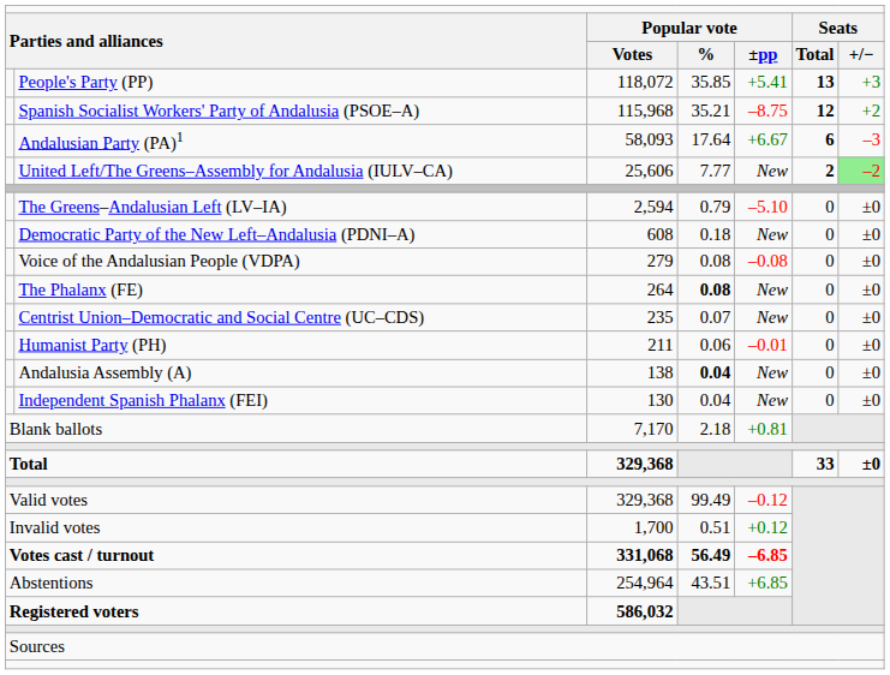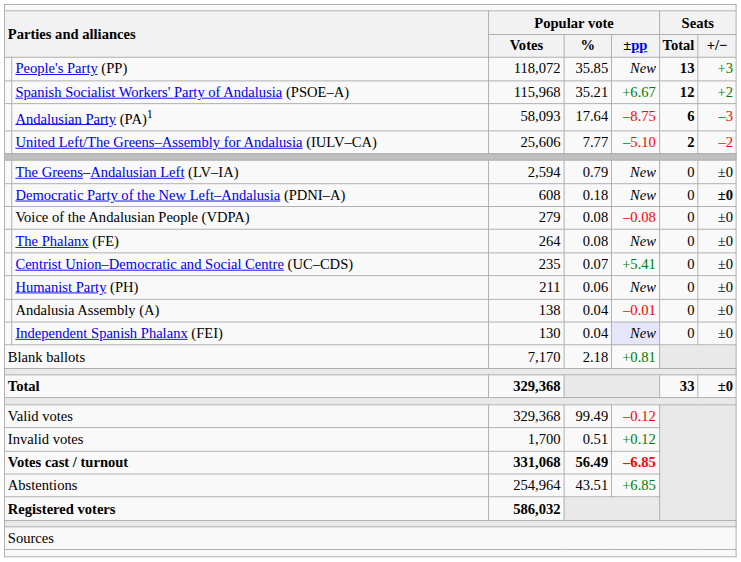 <table class="wikitable" style="text-align:right;">
 <tr>
 <td colspan="7"></td>
 </tr>
 <tr>
 <th style="text-align:left;" rowspan="2" colspan="2" width="525">Parties and alliances</th>
 <th colspan="3">Popular vote</th>
 <th colspan="2">Seats</th>
 </tr>
 <tr>
 <th width="75">Votes</th>
 <th width="45">%</th>
 <th width="45">±<a href='#'>pp</a></th>
 <th width="35">Total</th>
 <th width="35">+/−</th>
 </tr>
 <tr>
 <td width="1" style="color:inherit;background:"></td>
 <td align="left"><a href='#'>People's Party</a> (PP)</td>
 <td>118,072</td>
 <td>35.85</td>
-<td style="color:green;">+5.41</td>
+<td><em>New</em></td>
 <td><strong>13</strong></td>
 <td style="color:green;">+3</td>
 </tr>
 <tr>
 <td style="color:inherit;background:"></td>
 <td align="left"><a href='#'>Spanish Socialist Workers' Party of Andalusia</a> (PSOE–A)</td>
 <td>115,968</td>
 <td>35.21</td>
-<td style="color:red;">–8.75</td>
+<td style="color:green;">+6.67</td>
 <td><strong>12</strong></td>
 <td style="color:green;">+2</td>
 </tr>
 <tr>
 <td style="color:inherit;background:"></td>
 <td align="left"><a href='#'>Andalusian Party</a> (PA)<sup>1</sup></td>
 <td>58,093</td>
 <td>17.64</td>
-<td style="color:green;">+6.67</td>
+<td style="color:red;">–8.75</td>
 <td><strong>6</strong></td>
 <td style="color:red;">–3</td>
 </tr>
 <tr>
 <td style="color:inherit;background:"></td>
 <td align="left"><a href='#'>United Left/The Greens–Assembly for Andalusia</a> (IULV–CA)</td>
 <td>25,606</td>
 <td>7.77</td>
-<td><em>New</em></td>
+<td style="color:red;">–5.10</td>
 <td><strong>2</strong></td>
-<td style="background: lightgreen; color:red;">–2</td>
+<td style="color:red;">–2</td>
 </tr>
 <tr>
 <td colspan="7" bgcolor="#C0C0C0"></td>
 </tr>
 <tr>
 <td style="color:inherit;background:"></td>
 <td align="left"><a href='#'>The Greens</a>–<a href='#'>Andalusian Left</a> (LV–IA)</td>
 <td>2,594</td>
 <td>0.79</td>
-<td style="color:red;">–5.10</td>
+<td><em>New</em></td>
 <td>0</td>
 <td>±0</td>
 </tr>
 <tr>
 <td style="color:inherit;background:"></td>
 <td align="left"><a href='#'>Democratic Party of the New Left–Andalusia</a> (PDNI–A)</td>
 <td>608</td>
 <td>0.18</td>
 <td><em>New</em></td>
 <td>0</td>
-<td>±0</td>
+<td><strong>±0</strong></td>
 </tr>
 <tr>
 <td style="color:inherit;background:"></td>
 <td align="left">Voice of the Andalusian People (VDPA)</td>
 <td>279</td>
 <td>0.08</td>
 <td style="color:red;">–0.08</td>
 <td>0</td>
 <td>±0</td>
 </tr>
 <tr>
 <td style="color:inherit;background:"></td>
 <td align="left"><a href='#'>The Phalanx</a> (FE)</td>
 <td>264</td>
-<td><strong>0.08</strong></td>
+<td>0.08</td>
 <td><em>New</em></td>
 <td>0</td>
 <td>±0</td>
 </tr>
 <tr>
 <td style="color:inherit;background:"></td>
 <td align="left"><a href='#'>Centrist Union–Democratic and Social Centre</a> (UC–CDS)</td>
 <td>235</td>
 <td>0.07</td>
-<td><em>New</em></td>
+<td style="color:green;">+5.41</td>
 <td>0</td>
 <td>±0</td>
 </tr>
 <tr>
 <td style="color:inherit;background:"></td>
 <td align="left"><a href='#'>Humanist Party</a> (PH)</td>
 <td>211</td>
 <td>0.06</td>
-<td style="color:red;">–0.01</td>
+<td><em>New</em></td>
 <td>0</td>
 <td>±0</td>
 </tr>
 <tr>
 <td style="color:inherit;background:"></td>
 <td align="left">Andalusia Assembly (A)</td>
 <td>138</td>
-<td><strong>0.04</strong></td>
-<td><em>New</em></td>
+<td>0.04</td>
+<td style="color:red;">–0.01</td>
 <td>0</td>
 <td>±0</td>
 </tr>
 <tr>
 <td style="color:inherit;background:"></td>
 <td align="left"><a href='#'>Independent Spanish Phalanx</a> (FEI)</td>
 <td>130</td>
 <td>0.04</td>
-<td><em>New</em></td>
+<td style="background: lavender;"><em>New</em></td>
 <td>0</td>
 <td>±0</td>
 </tr>
 <tr>
 <td align="left" colspan="2">Blank ballots</td>
 <td>7,170</td>
 <td>2.18</td>
 <td style="color:green;">+0.81</td>
 <td bgcolor="#E9E9E9" colspan="2"></td>
 </tr>
 <tr>
 <td colspan="7" bgcolor="#E9E9E9"></td>
 </tr>
 <tr style="font-weight:bold;">
 <td align="left" colspan="2">Total</td>
 <td>329,368</td>
 <td bgcolor="#E9E9E9" colspan="2"></td>
 <td>33</td>
 <td>±0</td>
 </tr>
 <tr>
 <td colspan="7" bgcolor="#E9E9E9"></td>
 </tr>
 <tr>
 <td align="left" colspan="2">Valid votes</td>
 <td>329,368</td>
 <td>99.49</td>
 <td style="color:red;">–0.12</td>
 <td bgcolor="#E9E9E9" colspan="2" rowspan="5"></td>
 </tr>
 <tr>
 <td align="left" colspan="2">Invalid votes</td>
 <td>1,700</td>
 <td>0.51</td>
 <td style="color:green;">+0.12</td>
 </tr>
 <tr style="font-weight:bold;">
 <td align="left" colspan="2">Votes cast / turnout</td>
 <td>331,068</td>
 <td>56.49</td>
 <td style="color:red;">–6.85</td>
 </tr>
 <tr>
 <td align="left" colspan="2">Abstentions</td>
 <td>254,964</td>
 <td>43.51</td>
 <td style="color:green;">+6.85</td>
 </tr>
 <tr style="font-weight:bold;">
 <td align="left" colspan="2">Registered voters</td>
 <td>586,032</td>
 <td bgcolor="#E9E9E9" colspan="2"></td>
 </tr>
 <tr>
 <td colspan="7" bgcolor="#E9E9E9"></td>
 </tr>
 <tr>
 <td align="left" colspan="7">Sources</td>
 </tr>
 <tr>
 <td colspan="7" style="text-align:left; max-width:790px;"></td>
 </tr>
 </table>
